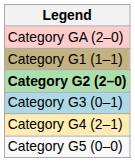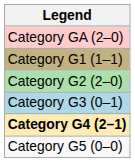 <table class=wikitable style=font-size:85%;>
 <tr>
 <th>Legend</th>
 </tr>
 <tr style="background:#fcc;">
 <td>Category GA (2–0)</td>
 </tr>
 <tr style="background:#C2B280;">
 <td>Category G1 (1–1)</td>
 </tr>
 <tr style="background:#addfad;">
-<td><strong>Category G2 (2–0)</strong></td>
+<td>Category G2 (2–0)</td>
 </tr>
 <tr style="background:lightblue;">
 <td>Category G3 (0–1)</td>
 </tr>
 <tr style="background:#ffecb2;">
-<td>Category G4 (2–1)</td>
+<td><strong>Category G4 (2–1)</strong></td>
 </tr>
 <tr>
 <td>Category G5 (0–0)</td>
 </tr>
 </table>
